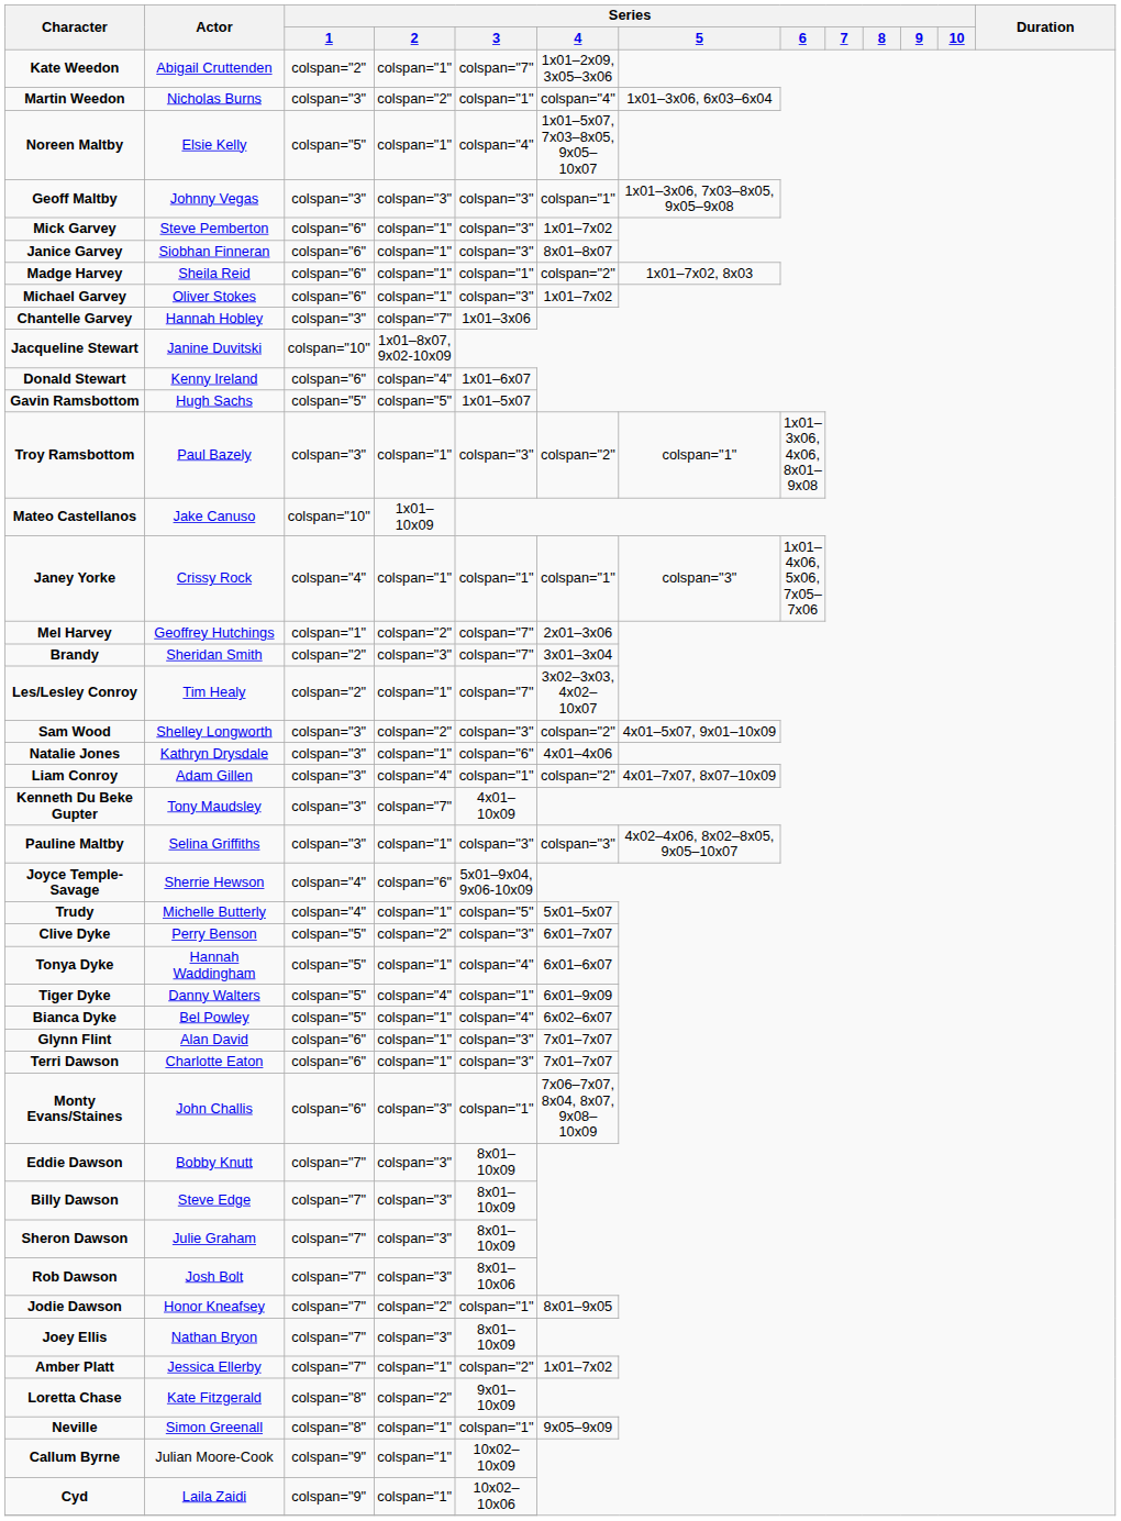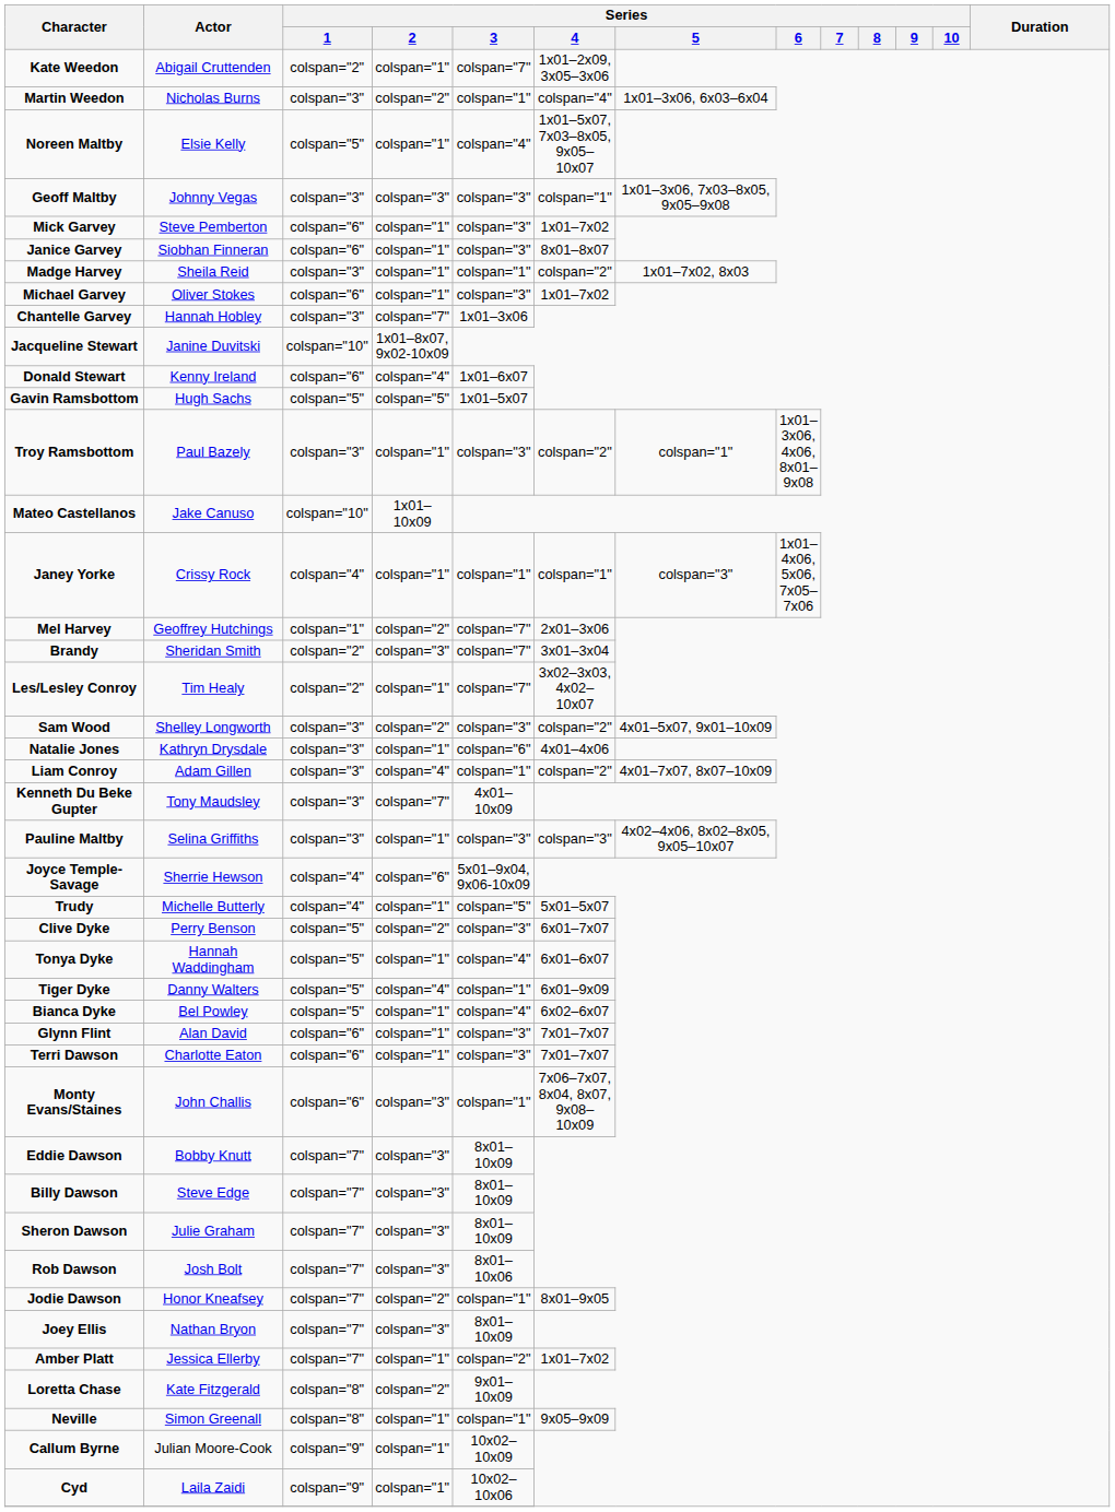 <table class="wikitable" style="text-align:center; width:100%;">
 <tr>
 <th rowspan="2" style="width:150px;">Character</th>
 <th rowspan="2" style="width:150px;">Actor</th>
 <th colspan="10">Series</th>
 <th rowspan="2" style="width:150px;">Duration</th>
 </tr>
 <tr>
 <th style="width:35px;"><a href='#'>1</a></th>
 <th style="width:35px;"><a href='#'>2</a></th>
 <th style="width:35px;"><a href='#'>3</a></th>
 <th style="width:35px;"><a href='#'>4</a></th>
 <th style="width:35px;"><a href='#'>5</a></th>
 <th style="width:35px;"><a href='#'>6</a></th>
 <th style="width:35px;"><a href='#'>7</a></th>
 <th style="width:35px;"><a href='#'>8</a></th>
 <th style="width:35px;"><a href='#'>9</a></th>
 <th style="width:35px;"><a href='#'>10</a></th>
 </tr>
 <tr>
 <td><strong>Kate Weedon</strong></td>
 <td><a href='#'>Abigail Cruttenden</a></td>
 <td>colspan="2" </td>
 <td>colspan="1" </td>
 <td>colspan="7" </td>
 <td>1x01–2x09, 3x05–3x06</td>
 </tr>
 <tr>
 <td><strong>Martin Weedon</strong></td>
 <td><a href='#'>Nicholas Burns</a></td>
 <td>colspan="3" </td>
 <td>colspan="2" </td>
 <td>colspan="1" </td>
 <td>colspan="4" </td>
 <td>1x01–3x06, 6x03–6x04</td>
 </tr>
 <tr>
 <td><strong>Noreen Maltby</strong></td>
 <td><a href='#'>Elsie Kelly</a></td>
 <td>colspan="5" </td>
 <td>colspan="1" </td>
 <td>colspan="4" </td>
 <td>1x01–5x07, 7x03–8x05, 9x05–10x07</td>
 </tr>
 <tr>
 <td><strong>Geoff Maltby </strong></td>
 <td><a href='#'>Johnny Vegas</a></td>
 <td>colspan="3" </td>
 <td>colspan="3" </td>
 <td>colspan="3" </td>
 <td>colspan="1" </td>
 <td>1x01–3x06, 7x03–8x05, 9x05–9x08</td>
 </tr>
 <tr>
 <td><strong>Mick Garvey</strong></td>
 <td><a href='#'>Steve Pemberton</a></td>
 <td>colspan="6" </td>
 <td>colspan="1" </td>
 <td>colspan="3" </td>
 <td>1x01–7x02</td>
 </tr>
 <tr>
 <td><strong>Janice Garvey</strong></td>
 <td><a href='#'>Siobhan Finneran</a></td>
 <td>colspan="6" </td>
 <td>colspan="1" </td>
 <td>colspan="3" </td>
 <td>8x01–8x07</td>
 </tr>
 <tr>
 <td><strong>Madge Harvey</strong></td>
 <td><a href='#'>Sheila Reid</a></td>
-<td>colspan="6" </td>
+<td>colspan="3" </td>
 <td>colspan="1" </td>
 <td>colspan="1" </td>
 <td>colspan="2" </td>
 <td>1x01–7x02, 8x03</td>
 </tr>
 <tr>
 <td><strong>Michael Garvey</strong></td>
 <td><a href='#'>Oliver Stokes</a></td>
 <td>colspan="6" </td>
 <td>colspan="1" </td>
 <td>colspan="3" </td>
 <td>1x01–7x02</td>
 </tr>
 <tr>
 <td><strong>Chantelle Garvey</strong></td>
 <td><a href='#'>Hannah Hobley</a></td>
 <td>colspan="3" </td>
 <td>colspan="7" </td>
 <td>1x01–3x06</td>
 </tr>
 <tr>
 <td><strong>Jacqueline Stewart</strong></td>
 <td><a href='#'>Janine Duvitski</a></td>
 <td>colspan="10" </td>
 <td>1x01–8x07, 9x02-10x09</td>
 </tr>
 <tr>
 <td><strong>Donald Stewart</strong></td>
 <td><a href='#'>Kenny Ireland</a></td>
 <td>colspan="6" </td>
 <td>colspan="4" </td>
 <td>1x01–6x07</td>
 </tr>
 <tr>
 <td><strong>Gavin Ramsbottom</strong></td>
 <td><a href='#'>Hugh Sachs</a></td>
 <td>colspan="5" </td>
 <td>colspan="5" </td>
 <td>1x01–5x07</td>
 </tr>
 <tr>
 <td><strong>Troy Ramsbottom</strong></td>
 <td><a href='#'>Paul Bazely</a></td>
 <td>colspan="3" </td>
 <td>colspan="1" </td>
 <td>colspan="3" </td>
 <td>colspan="2" </td>
 <td>colspan="1" </td>
 <td>1x01–3x06, 4x06, 8x01–9x08</td>
 </tr>
 <tr>
 <td><strong>Mateo Castellanos</strong></td>
 <td><a href='#'>Jake Canuso</a></td>
 <td>colspan="10" </td>
 <td>1x01–10x09</td>
 </tr>
 <tr>
 <td><strong>Janey Yorke</strong></td>
 <td><a href='#'>Crissy Rock</a></td>
 <td>colspan="4" </td>
 <td>colspan="1" </td>
 <td>colspan="1" </td>
 <td>colspan="1" </td>
 <td>colspan="3" </td>
 <td>1x01–4x06, 5x06, 7x05–7x06</td>
 </tr>
 <tr>
 <td><strong>Mel Harvey</strong></td>
 <td><a href='#'>Geoffrey Hutchings</a></td>
 <td>colspan="1" </td>
 <td>colspan="2" </td>
 <td>colspan="7" </td>
 <td>2x01–3x06</td>
 </tr>
 <tr>
 <td><strong>Brandy</strong></td>
 <td><a href='#'>Sheridan Smith</a></td>
 <td>colspan="2" </td>
 <td>colspan="3" </td>
 <td>colspan="7" </td>
 <td>3x01–3x04</td>
 </tr>
 <tr>
 <td><strong>Les/Lesley Conroy</strong></td>
 <td><a href='#'>Tim Healy</a></td>
 <td>colspan="2" </td>
 <td>colspan="1" </td>
 <td>colspan="7" </td>
 <td>3x02–3x03, 4x02–10x07</td>
 </tr>
 <tr>
 <td><strong>Sam Wood</strong></td>
 <td><a href='#'>Shelley Longworth</a></td>
 <td>colspan="3" </td>
 <td>colspan="2" </td>
 <td>colspan="3" </td>
 <td>colspan="2" </td>
 <td>4x01–5x07, 9x01–10x09</td>
 </tr>
 <tr>
 <td><strong>Natalie Jones</strong></td>
 <td><a href='#'>Kathryn Drysdale</a></td>
 <td>colspan="3" </td>
 <td>colspan="1" </td>
 <td>colspan="6" </td>
 <td>4x01–4x06</td>
 </tr>
 <tr>
 <td><strong>Liam Conroy</strong></td>
 <td><a href='#'>Adam Gillen</a></td>
 <td>colspan="3" </td>
 <td>colspan="4" </td>
 <td>colspan="1" </td>
 <td>colspan="2" </td>
 <td nowrap>4x01–7x07, 8x07–10x09</td>
 </tr>
 <tr>
 <td><strong>Kenneth Du Beke Gupter</strong></td>
 <td><a href='#'>Tony Maudsley</a></td>
 <td>colspan="3" </td>
 <td>colspan="7" </td>
 <td>4x01–10x09</td>
 </tr>
 <tr>
 <td><strong>Pauline Maltby</strong></td>
 <td><a href='#'>Selina Griffiths</a></td>
 <td>colspan="3" </td>
 <td>colspan="1" </td>
 <td>colspan="3" </td>
 <td>colspan="3" </td>
 <td>4x02–4x06, 8x02–8x05, 9x05–10x07</td>
 </tr>
 <tr>
 <td><strong>Joyce Temple-Savage</strong></td>
 <td><a href='#'>Sherrie Hewson</a></td>
 <td>colspan="4" </td>
 <td>colspan="6" </td>
 <td>5x01–9x04, 9x06-10x09</td>
 </tr>
 <tr>
 <td><strong>Trudy</strong></td>
 <td><a href='#'>Michelle Butterly</a></td>
 <td>colspan="4" </td>
 <td>colspan="1" </td>
 <td>colspan="5" </td>
 <td>5x01–5x07</td>
 </tr>
 <tr>
 <td><strong>Clive Dyke</strong></td>
 <td><a href='#'>Perry Benson</a></td>
 <td>colspan="5" </td>
 <td>colspan="2" </td>
 <td>colspan="3" </td>
 <td>6x01–7x07</td>
 </tr>
 <tr>
 <td><strong>Tonya Dyke</strong></td>
 <td><a href='#'>Hannah Waddingham</a></td>
 <td>colspan="5" </td>
 <td>colspan="1" </td>
 <td>colspan="4" </td>
 <td>6x01–6x07</td>
 </tr>
 <tr>
 <td><strong>Tiger Dyke</strong></td>
 <td><a href='#'>Danny Walters</a></td>
 <td>colspan="5" </td>
 <td>colspan="4" </td>
 <td>colspan="1" </td>
 <td>6x01–9x09</td>
 </tr>
 <tr>
 <td><strong>Bianca Dyke</strong></td>
 <td><a href='#'>Bel Powley</a></td>
 <td>colspan="5" </td>
 <td>colspan="1" </td>
 <td>colspan="4" </td>
 <td>6x02–6x07</td>
 </tr>
 <tr>
 <td><strong>Glynn Flint</strong></td>
 <td><a href='#'>Alan David</a></td>
 <td>colspan="6" </td>
 <td>colspan="1" </td>
 <td>colspan="3" </td>
 <td>7x01–7x07</td>
 </tr>
 <tr>
 <td><strong>Terri Dawson</strong></td>
 <td><a href='#'>Charlotte Eaton</a></td>
 <td>colspan="6" </td>
 <td>colspan="1" </td>
 <td>colspan="3" </td>
 <td>7x01–7x07</td>
 </tr>
 <tr>
 <td><strong>Monty Evans/Staines</strong></td>
 <td><a href='#'>John Challis</a></td>
 <td>colspan="6" </td>
 <td>colspan="3" </td>
 <td>colspan="1" </td>
 <td>7x06–7x07, 8x04, 8x07, 9x08–10x09</td>
 </tr>
 <tr>
 <td><strong>Eddie Dawson</strong></td>
 <td><a href='#'>Bobby Knutt</a></td>
 <td>colspan="7" </td>
 <td>colspan="3" </td>
 <td>8x01–10x09</td>
 </tr>
 <tr>
 <td><strong>Billy Dawson</strong></td>
 <td><a href='#'>Steve Edge</a></td>
 <td>colspan="7" </td>
 <td>colspan="3" </td>
 <td>8x01–10x09</td>
 </tr>
 <tr>
 <td><strong>Sheron Dawson</strong></td>
 <td><a href='#'>Julie Graham</a></td>
 <td>colspan="7" </td>
 <td>colspan="3" </td>
 <td>8x01–10x09</td>
 </tr>
 <tr>
 <td><strong>Rob Dawson</strong></td>
 <td><a href='#'>Josh Bolt</a></td>
 <td>colspan="7" </td>
 <td>colspan="3" </td>
 <td>8x01–10x06</td>
 </tr>
 <tr>
 <td><strong>Jodie Dawson</strong></td>
 <td><a href='#'>Honor Kneafsey</a></td>
 <td>colspan="7" </td>
 <td>colspan="2" </td>
 <td>colspan="1" </td>
 <td>8x01–9x05</td>
 </tr>
 <tr>
 <td><strong>Joey Ellis</strong></td>
 <td><a href='#'>Nathan Bryon</a></td>
 <td>colspan="7" </td>
 <td>colspan="3" </td>
 <td>8x01–10x09</td>
 </tr>
 <tr>
 <td><strong>Amber Platt</strong></td>
 <td><a href='#'>Jessica Ellerby</a></td>
 <td>colspan="7" </td>
 <td>colspan="1" </td>
 <td>colspan="2" </td>
 <td>1x01–7x02</td>
 </tr>
 <tr>
 <td><strong>Loretta Chase</strong></td>
 <td><a href='#'>Kate Fitzgerald</a></td>
 <td>colspan="8" </td>
 <td>colspan="2" </td>
 <td>9x01–10x09</td>
 </tr>
 <tr>
 <td><strong>Neville</strong></td>
 <td><a href='#'>Simon Greenall</a></td>
 <td>colspan="8" </td>
 <td>colspan="1" </td>
 <td>colspan="1" </td>
 <td>9x05–9x09</td>
 </tr>
 <tr>
 <td><strong>Callum Byrne</strong></td>
 <td>Julian Moore-Cook</td>
 <td>colspan="9" </td>
 <td>colspan="1" </td>
 <td>10x02–10x09</td>
 </tr>
 <tr>
 <td><strong>Cyd</strong></td>
 <td><a href='#'>Laila Zaidi</a></td>
 <td>colspan="9" </td>
 <td>colspan="1" </td>
 <td>10x02–10x06</td>
 </tr>
 <tr>
 </tr>
 </table>
